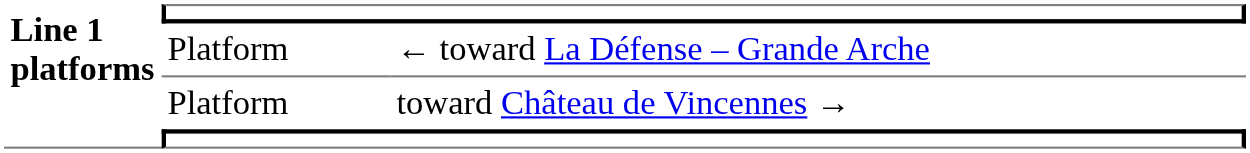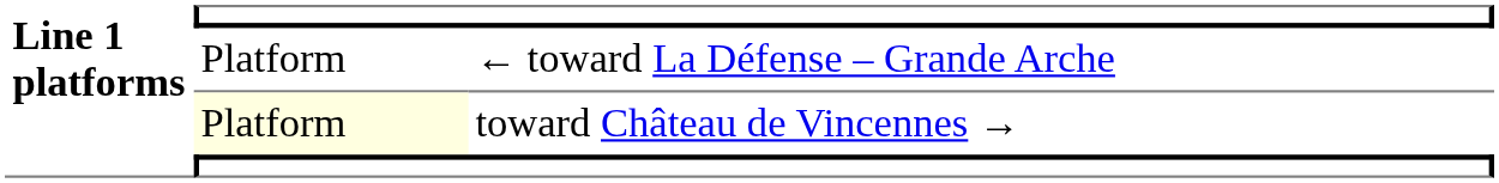 <table border=0 cellspacing=0 cellpadding=3>
 <tr>
 <td style="border-bottom:solid 1px gray;" width=50 rowspan=4 valign=top><strong>Line 1 platforms</strong></td>
 <td style="border-top:solid 1px gray;border-right:solid 2px black;border-left:solid 2px black;border-bottom:solid 2px black;text-align:center;" colspan=2></td>
 </tr>
 <tr>
 <td style="border-bottom:solid 1px gray;" width=100>Platform </td>
 <td style="border-bottom:solid 1px gray;" width=390>←   toward <a href='#'>La Défense – Grande Arche</a> </td>
 </tr>
 <tr>
-<td>Platform </td>
+<td style="background: lightyellow;">Platform </td>
 <td>   toward <a href='#'>Château de Vincennes</a>  →</td>
 </tr>
 <tr>
 <td style="border-top:solid 2px black;border-right:solid 2px black;border-left:solid 2px black;border-bottom:solid 1px gray;text-align:center;" colspan=2></td>
 </tr>
 </table>
